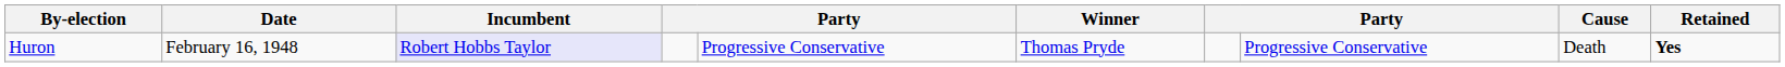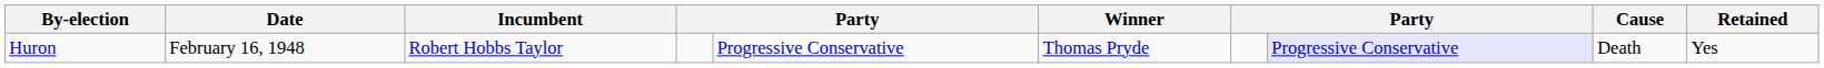 <table class=wikitable style="width:100%">
 <tr>
 <th>By-election</th>
 <th>Date</th>
 <th>Incumbent</th>
 <th colspan=2>Party</th>
 <th>Winner</th>
 <th colspan=2>Party</th>
 <th>Cause</th>
 <th>Retained</th>
 </tr>
 <tr>
 <td><a href='#'>Huron</a></td>
 <td>February 16, 1948</td>
-<td style="background: lavender;"><a href='#'>Robert Hobbs Taylor</a></td>
+<td><a href='#'>Robert Hobbs Taylor</a></td>
 <td>   </td>
 <td><a href='#'>Progressive Conservative</a></td>
 <td><a href='#'>Thomas Pryde</a></td>
 <td>   </td>
-<td><a href='#'>Progressive Conservative</a></td>
+<td style="background: lavender;"><a href='#'>Progressive Conservative</a></td>
 <td>Death</td>
-<td><strong>Yes</strong></td>
+<td>Yes</td>
 </tr>
 </table>
